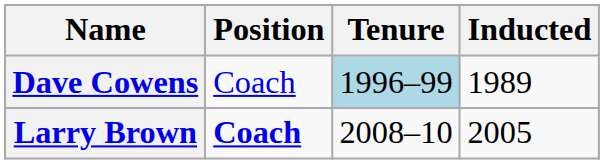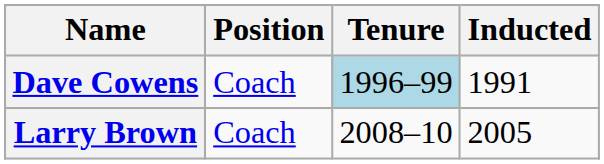 <table class="wikitable">
 <tr>
 <th scope="col">Name</th>
 <th scope="col">Position</th>
 <th scope="col">Tenure</th>
 <th scope="col">Inducted</th>
 </tr>
 <tr>
 <th scope="row"><a href='#'>Dave Cowens</a> </th>
 <td><a href='#'>Coach</a></td>
 <td style="background: lightblue;">1996–99</td>
-<td>1989</td>
+<td>1991</td>
 </tr>
 <tr>
 <th scope="row"><a href='#'>Larry Brown</a> </th>
-<td><strong><a href='#'>Coach</a></strong></td>
+<td><a href='#'>Coach</a></td>
 <td>2008–10</td>
 <td>2005</td>
 </tr>
 </table>
